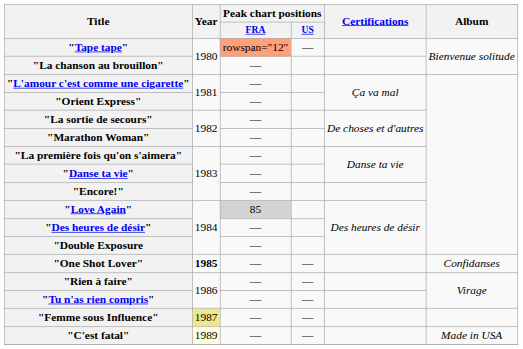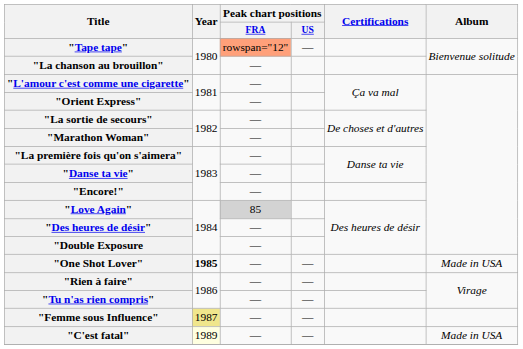 <table class="wikitable plainrowheaders" style="text-align:center;">
 <tr>
 <th rowspan="2">Title</th>
 <th rowspan="2">Year</th>
 <th colspan="2">Peak chart positions</th>
 <th rowspan="2"><a href='#'>Certifications</a></th>
 <th rowspan="2">Album</th>
 </tr>
 <tr>
 <th style="width:3em;font-size:85%"><a href='#'>FRA</a><br></th>
 <th style="width:3em;font-size:85%"><a href='#'>US</a><br></th>
 </tr>
 <tr>
 <th scope="row">"<a href='#'>Tape tape</a>"</th>
 <td rowspan="2">1980</td>
 <td style="background: lightsalmon;">rowspan="12" </td>
 <td>—</td>
 <td></td>
 <td rowspan="2"><em>Bienvenue solitude</em></td>
 </tr>
 <tr>
 <th scope="row">"La chanson au brouillon"</th>
 <td>—</td>
 <td></td>
 </tr>
 <tr>
 <th scope="row">"<a href='#'>L'amour c'est comme une cigarette</a>"</th>
 <td rowspan="2">1981</td>
 <td>—</td>
 <td></td>
 <td rowspan="2"><em>Ça va mal</em></td>
 </tr>
 <tr>
 <th scope="row">"Orient Express"</th>
 <td>—</td>
 <td></td>
 </tr>
 <tr>
 <th scope="row">"La sortie de secours"</th>
 <td rowspan="2">1982</td>
 <td>—</td>
 <td></td>
 <td rowspan="2"><em>De choses et d'autres</em></td>
 </tr>
 <tr>
 <th scope="row">"Marathon Woman"</th>
 <td>—</td>
 <td></td>
 </tr>
 <tr>
 <th scope="row">"La première fois qu'on s'aimera" </th>
 <td rowspan="3">1983</td>
 <td>—</td>
 <td></td>
 <td rowspan="2"><em>Danse ta vie</em></td>
 </tr>
 <tr>
 <th scope="row">"<a href='#'>Danse ta vie</a>"</th>
 <td>—</td>
 <td></td>
 </tr>
 <tr>
 <th scope="row">"Encore!"</th>
 <td>—</td>
 <td></td>
 <td></td>
 </tr>
 <tr>
 <th scope="row">"<a href='#'>Love Again</a>" </th>
 <td rowspan="3">1984</td>
 <td style="background: lightgrey;">85</td>
 <td></td>
 <td rowspan="3"><em>Des heures de désir</em></td>
 </tr>
 <tr>
 <th scope="row">"<a href='#'>Des heures de désir</a>"</th>
 <td>—</td>
 <td></td>
 </tr>
 <tr>
 <th scope="row">"Double Exposure</th>
 <td>—</td>
 <td></td>
 </tr>
 <tr>
 <th scope="row">"One Shot Lover"</th>
 <td><strong>1985</strong></td>
 <td>—</td>
 <td>—</td>
 <td></td>
-<td><em>Confidanses</em></td>
+<td><em>Made in USA</em></td>
 </tr>
 <tr>
 <th scope="row">"Rien à faire"</th>
 <td rowspan="2">1986</td>
 <td>—</td>
 <td>—</td>
 <td></td>
 <td rowspan="2"><em>Virage</em></td>
 </tr>
 <tr>
 <th scope="row">"<a href='#'>Tu n'as rien compris</a>"</th>
 <td>—</td>
 <td>—</td>
 <td></td>
 </tr>
 <tr>
 <th scope="row">"Femme sous Influence"</th>
 <td style="background: khaki;">1987</td>
 <td>—</td>
 <td>—</td>
 <td></td>
 <td></td>
 </tr>
 <tr>
 <th scope="row">"C'est fatal"</th>
 <td style="background: lightyellow;">1989</td>
 <td>—</td>
 <td>—</td>
 <td></td>
 <td><em>Made in USA</em></td>
 </tr>
 <tr>
 </tr>
 </table>
